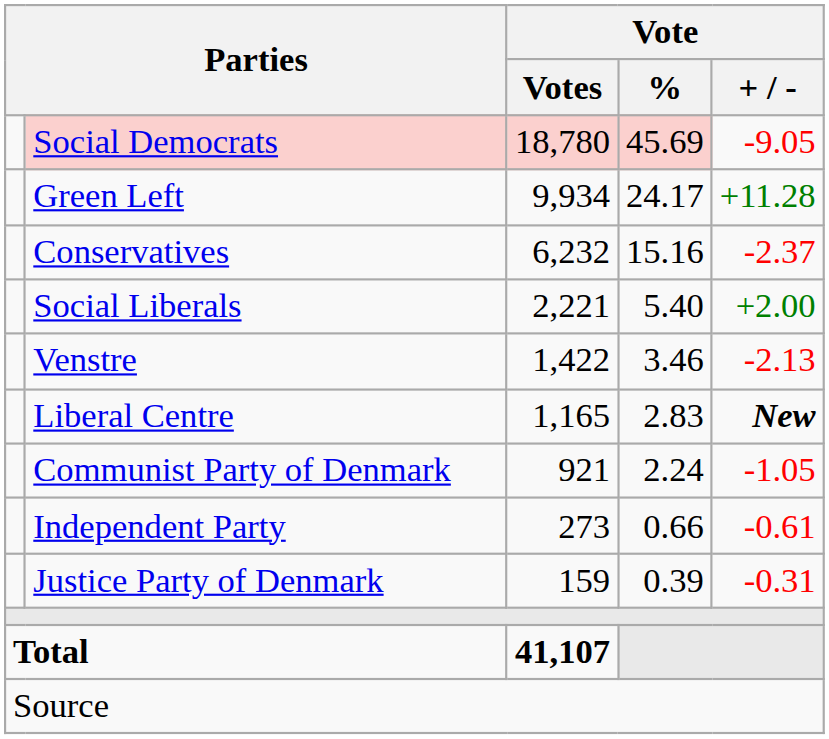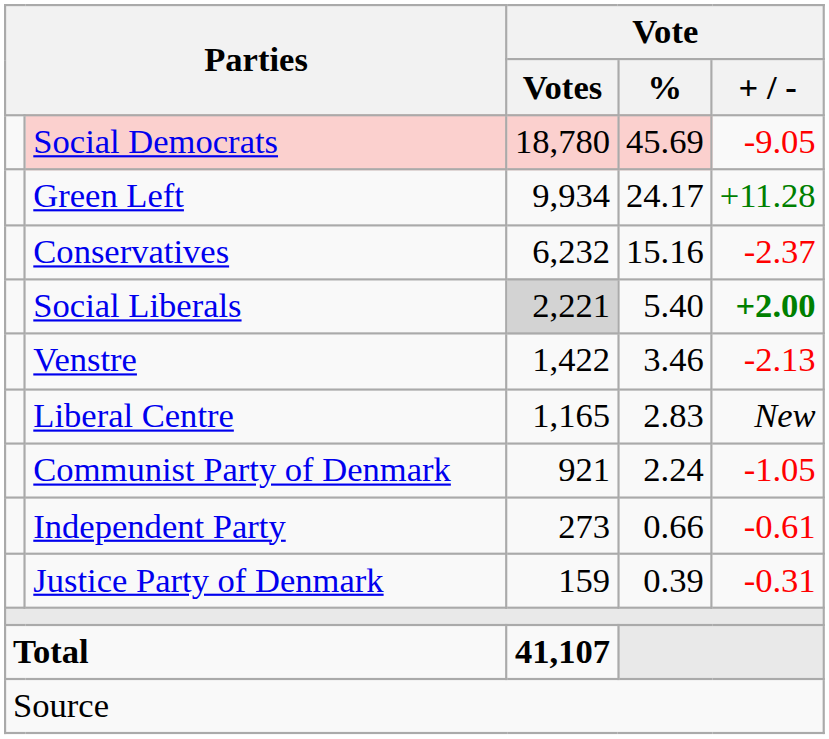 <table class="wikitable" style="text-align:right;">
 <tr>
 <th style="text-align:centre;" rowspan="2" colspan="2" width="225">Parties</th>
 <th colspan="3">Vote</th>
 </tr>
 <tr>
 <th width="15">Votes</th>
 <th width="15">%</th>
 <th width="15">+ / -</th>
 </tr>
 <tr>
 <td width="2" style="color:inherit;background:"></td>
 <td bgcolor=#fbd0ce  align="left"><a href='#'>Social Democrats</a></td>
 <td bgcolor=#fbd0ce>18,780</td>
 <td bgcolor=#fbd0ce>45.69</td>
 <td style=color:red;>-9.05</td>
 </tr>
 <tr>
 <td width="2" style="color:inherit;background:"></td>
 <td align="left"><a href='#'>Green Left</a></td>
 <td>9,934</td>
 <td>24.17</td>
 <td style=color:green;>+11.28</td>
 </tr>
 <tr>
 <td width="2" style="color:inherit;background:"></td>
 <td align="left"><a href='#'>Conservatives</a></td>
 <td>6,232</td>
 <td>15.16</td>
 <td style=color:red;>-2.37</td>
 </tr>
 <tr>
 <td width="2" style="color:inherit;background:"></td>
 <td align="left"><a href='#'>Social Liberals</a></td>
-<td>2,221</td>
+<td style="background: lightgrey;">2,221</td>
 <td>5.40</td>
-<td style=color:green;>+2.00</td>
+<td style=color:green;><strong>+2.00</strong></td>
 </tr>
 <tr>
 <td width="2" style="color:inherit;background:"></td>
 <td align="left"><a href='#'>Venstre</a></td>
 <td>1,422</td>
 <td>3.46</td>
 <td style=color:red;>-2.13</td>
 </tr>
 <tr>
 <td width="2" style="color:inherit;background:"></td>
 <td align="left"><a href='#'>Liberal Centre</a></td>
 <td>1,165</td>
 <td>2.83</td>
-<td><strong><em>New</em></strong></td>
+<td><em>New</em></td>
 </tr>
 <tr>
 <td width="2" style="color:inherit;background:"></td>
 <td align="left"><a href='#'>Communist Party of Denmark</a></td>
 <td>921</td>
 <td>2.24</td>
 <td style=color:red;>-1.05</td>
 </tr>
 <tr>
 <td width="2" style="color:inherit;background:"></td>
 <td align="left"><a href='#'>Independent Party</a></td>
 <td>273</td>
 <td>0.66</td>
 <td style=color:red;>-0.61</td>
 </tr>
 <tr>
 <td width="2" style="color:inherit;background:"></td>
 <td align="left"><a href='#'>Justice Party of Denmark</a></td>
 <td>159</td>
 <td>0.39</td>
 <td style=color:red;>-0.31</td>
 </tr>
 <tr>
 <td colspan="7" bgcolor="#E9E9E9"></td>
 </tr>
 <tr>
 <td align="left" colspan="2"><strong>Total</strong></td>
 <td><strong>41,107</strong></td>
 <td bgcolor="#E9E9E9" colspan="2"></td>
 </tr>
 <tr>
 <td align="left" colspan="6">Source</td>
 </tr>
 </table>
